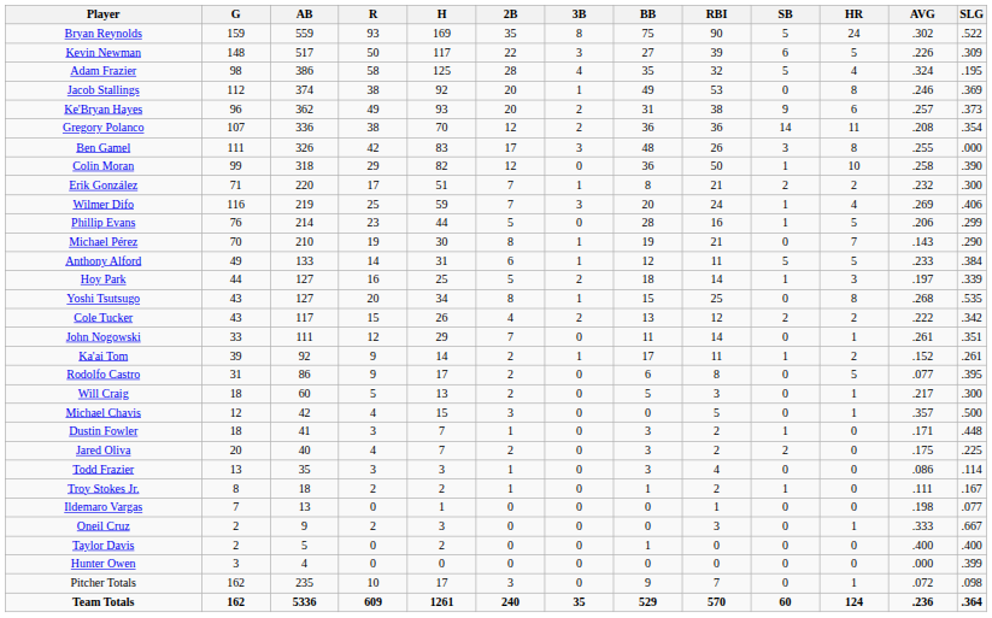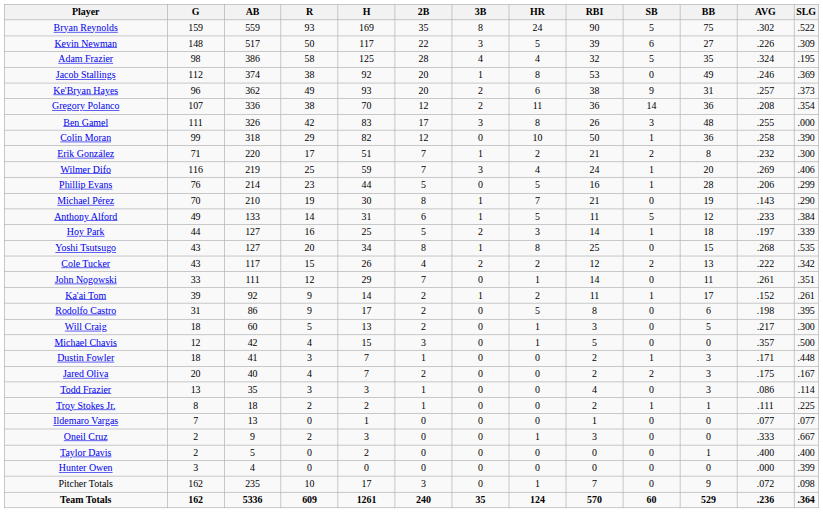 <table class=wikitable style="text-align:center">
 <tr>
 <th bgcolor=#DDDDFF; width="20%">Player</th>
 <th bgcolor=#DDDDFF; width="7%">G</th>
 <th bgcolor=#DDDDFF; width="7%">AB</th>
 <th bgcolor=#DDDDFF; width="7%">R</th>
 <th bgcolor=#DDDDFF; width="7%">H</th>
 <th bgcolor=#DDDDFF; width="7%">2B</th>
 <th bgcolor=#DDDDFF; width="7%">3B</th>
-<th bgcolor=#DDDDFF; width="7%">BB</th>
+<th bgcolor=#DDDDFF; width="7%'">HR</th>
 <th bgcolor=#DDDDFF; width="7%">RBI</th>
 <th bgcolor=#DDDDFF; width="7%">SB</th>
-<th bgcolor=#DDDDFF; width="7%'">HR</th>
+<th bgcolor=#DDDDFF; width="7%">BB</th>
 <th bgcolor=#DDDDFF; width="7%">AVG</th>
 <th bgcolor=#DDDDFF; width="7%">SLG</th>
 </tr>
 <tr>
 <td><a href='#'>Bryan Reynolds</a></td>
 <td>159</td>
 <td>559</td>
 <td>93</td>
 <td>169</td>
 <td>35</td>
 <td>8</td>
-<td>75</td>
+<td>24</td>
 <td>90</td>
 <td>5</td>
-<td>24</td>
+<td>75</td>
 <td>.302</td>
 <td>.522</td>
 </tr>
 <tr>
 <td><a href='#'>Kevin Newman</a></td>
 <td>148</td>
 <td>517</td>
 <td>50</td>
 <td>117</td>
 <td>22</td>
 <td>3</td>
-<td>27</td>
+<td>5</td>
 <td>39</td>
 <td>6</td>
-<td>5</td>
+<td>27</td>
 <td>.226</td>
 <td>.309</td>
 </tr>
 <tr>
 <td><a href='#'>Adam Frazier</a></td>
 <td>98</td>
 <td>386</td>
 <td>58</td>
 <td>125</td>
 <td>28</td>
 <td>4</td>
-<td>35</td>
+<td>4</td>
 <td>32</td>
 <td>5</td>
-<td>4</td>
+<td>35</td>
 <td>.324</td>
 <td>.195</td>
 </tr>
 <tr>
 <td><a href='#'>Jacob Stallings</a></td>
 <td>112</td>
 <td>374</td>
 <td>38</td>
 <td>92</td>
 <td>20</td>
 <td>1</td>
-<td>49</td>
+<td>8</td>
 <td>53</td>
 <td>0</td>
-<td>8</td>
+<td>49</td>
 <td>.246</td>
 <td>.369</td>
 </tr>
 <tr>
 <td><a href='#'>Ke'Bryan Hayes</a></td>
 <td>96</td>
 <td>362</td>
 <td>49</td>
 <td>93</td>
 <td>20</td>
 <td>2</td>
-<td>31</td>
+<td>6</td>
 <td>38</td>
 <td>9</td>
-<td>6</td>
+<td>31</td>
 <td>.257</td>
 <td>.373</td>
 </tr>
 <tr>
 <td><a href='#'>Gregory Polanco</a></td>
 <td>107</td>
 <td>336</td>
 <td>38</td>
 <td>70</td>
 <td>12</td>
 <td>2</td>
-<td>36</td>
+<td>11</td>
 <td>36</td>
 <td>14</td>
-<td>11</td>
+<td>36</td>
 <td>.208</td>
 <td>.354</td>
 </tr>
 <tr>
 <td><a href='#'>Ben Gamel</a></td>
 <td>111</td>
 <td>326</td>
 <td>42</td>
 <td>83</td>
 <td>17</td>
 <td>3</td>
-<td>48</td>
+<td>8</td>
 <td>26</td>
 <td>3</td>
-<td>8</td>
+<td>48</td>
 <td>.255</td>
 <td>.000</td>
 </tr>
 <tr>
 <td><a href='#'>Colin Moran</a></td>
 <td>99</td>
 <td>318</td>
 <td>29</td>
 <td>82</td>
 <td>12</td>
 <td>0</td>
-<td>36</td>
+<td>10</td>
 <td>50</td>
 <td>1</td>
-<td>10</td>
+<td>36</td>
 <td>.258</td>
 <td>.390</td>
 </tr>
 <tr>
 <td><a href='#'>Erik González</a></td>
 <td>71</td>
 <td>220</td>
 <td>17</td>
 <td>51</td>
 <td>7</td>
 <td>1</td>
-<td>8</td>
+<td>2</td>
 <td>21</td>
 <td>2</td>
-<td>2</td>
+<td>8</td>
 <td>.232</td>
 <td>.300</td>
 </tr>
 <tr>
 <td><a href='#'>Wilmer Difo</a></td>
 <td>116</td>
 <td>219</td>
 <td>25</td>
 <td>59</td>
 <td>7</td>
 <td>3</td>
-<td>20</td>
+<td>4</td>
 <td>24</td>
 <td>1</td>
-<td>4</td>
+<td>20</td>
 <td>.269</td>
 <td>.406</td>
 </tr>
 <tr>
 <td><a href='#'>Phillip Evans</a></td>
 <td>76</td>
 <td>214</td>
 <td>23</td>
 <td>44</td>
 <td>5</td>
 <td>0</td>
-<td>28</td>
+<td>5</td>
 <td>16</td>
 <td>1</td>
-<td>5</td>
+<td>28</td>
 <td>.206</td>
 <td>.299</td>
 </tr>
 <tr>
 <td><a href='#'>Michael Pérez</a></td>
 <td>70</td>
 <td>210</td>
 <td>19</td>
 <td>30</td>
 <td>8</td>
 <td>1</td>
-<td>19</td>
+<td>7</td>
 <td>21</td>
 <td>0</td>
-<td>7</td>
+<td>19</td>
 <td>.143</td>
 <td>.290</td>
 </tr>
 <tr>
 <td><a href='#'>Anthony Alford</a></td>
 <td>49</td>
 <td>133</td>
 <td>14</td>
 <td>31</td>
 <td>6</td>
 <td>1</td>
-<td>12</td>
+<td>5</td>
 <td>11</td>
 <td>5</td>
-<td>5</td>
+<td>12</td>
 <td>.233</td>
 <td>.384</td>
 </tr>
 <tr>
 <td><a href='#'>Hoy Park</a></td>
 <td>44</td>
 <td>127</td>
 <td>16</td>
 <td>25</td>
 <td>5</td>
 <td>2</td>
-<td>18</td>
+<td>3</td>
 <td>14</td>
 <td>1</td>
-<td>3</td>
+<td>18</td>
 <td>.197</td>
 <td>.339</td>
 </tr>
 <tr>
 <td><a href='#'>Yoshi Tsutsugo</a></td>
 <td>43</td>
 <td>127</td>
 <td>20</td>
 <td>34</td>
 <td>8</td>
 <td>1</td>
-<td>15</td>
+<td>8</td>
 <td>25</td>
 <td>0</td>
-<td>8</td>
+<td>15</td>
 <td>.268</td>
 <td>.535</td>
 </tr>
 <tr>
 <td><a href='#'>Cole Tucker</a></td>
 <td>43</td>
 <td>117</td>
 <td>15</td>
 <td>26</td>
 <td>4</td>
 <td>2</td>
-<td>13</td>
+<td>2</td>
 <td>12</td>
 <td>2</td>
-<td>2</td>
+<td>13</td>
 <td>.222</td>
 <td>.342</td>
 </tr>
 <tr>
 <td><a href='#'>John Nogowski</a></td>
 <td>33</td>
 <td>111</td>
 <td>12</td>
 <td>29</td>
 <td>7</td>
 <td>0</td>
-<td>11</td>
+<td>1</td>
 <td>14</td>
 <td>0</td>
-<td>1</td>
+<td>11</td>
 <td>.261</td>
 <td>.351</td>
 </tr>
 <tr>
 <td><a href='#'>Ka'ai Tom</a></td>
 <td>39</td>
 <td>92</td>
 <td>9</td>
 <td>14</td>
 <td>2</td>
 <td>1</td>
-<td>17</td>
+<td>2</td>
 <td>11</td>
 <td>1</td>
-<td>2</td>
+<td>17</td>
 <td>.152</td>
 <td>.261</td>
 </tr>
 <tr>
 <td><a href='#'>Rodolfo Castro</a></td>
 <td>31</td>
 <td>86</td>
 <td>9</td>
 <td>17</td>
 <td>2</td>
 <td>0</td>
-<td>6</td>
+<td>5</td>
 <td>8</td>
 <td>0</td>
-<td>5</td>
-<td>.077</td>
+<td>6</td>
+<td>.198</td>
 <td>.395</td>
 </tr>
 <tr>
 <td><a href='#'>Will Craig</a></td>
 <td>18</td>
 <td>60</td>
 <td>5</td>
 <td>13</td>
 <td>2</td>
 <td>0</td>
-<td>5</td>
+<td>1</td>
 <td>3</td>
 <td>0</td>
-<td>1</td>
+<td>5</td>
 <td>.217</td>
 <td>.300</td>
 </tr>
 <tr>
 <td><a href='#'>Michael Chavis</a></td>
 <td>12</td>
 <td>42</td>
 <td>4</td>
 <td>15</td>
 <td>3</td>
 <td>0</td>
-<td>0</td>
+<td>1</td>
 <td>5</td>
 <td>0</td>
-<td>1</td>
+<td>0</td>
 <td>.357</td>
 <td>.500</td>
 </tr>
 <tr>
 <td><a href='#'>Dustin Fowler</a></td>
 <td>18</td>
 <td>41</td>
 <td>3</td>
 <td>7</td>
 <td>1</td>
 <td>0</td>
-<td>3</td>
+<td>0</td>
 <td>2</td>
 <td>1</td>
-<td>0</td>
+<td>3</td>
 <td>.171</td>
 <td>.448</td>
 </tr>
 <tr>
 <td><a href='#'>Jared Oliva</a></td>
 <td>20</td>
 <td>40</td>
 <td>4</td>
 <td>7</td>
 <td>2</td>
 <td>0</td>
-<td>3</td>
+<td>0</td>
 <td>2</td>
 <td>2</td>
-<td>0</td>
+<td>3</td>
 <td>.175</td>
-<td>.225</td>
+<td>.167</td>
 </tr>
 <tr>
 <td><a href='#'>Todd Frazier</a></td>
 <td>13</td>
 <td>35</td>
 <td>3</td>
 <td>3</td>
 <td>1</td>
 <td>0</td>
-<td>3</td>
+<td>0</td>
 <td>4</td>
 <td>0</td>
-<td>0</td>
+<td>3</td>
 <td>.086</td>
 <td>.114</td>
 </tr>
 <tr>
 <td><a href='#'>Troy Stokes Jr.</a></td>
 <td>8</td>
 <td>18</td>
 <td>2</td>
 <td>2</td>
 <td>1</td>
 <td>0</td>
-<td>1</td>
+<td>0</td>
 <td>2</td>
 <td>1</td>
-<td>0</td>
+<td>1</td>
 <td>.111</td>
-<td>.167</td>
+<td>.225</td>
 </tr>
 <tr>
 <td><a href='#'>Ildemaro Vargas</a></td>
 <td>7</td>
 <td>13</td>
 <td>0</td>
 <td>1</td>
 <td>0</td>
 <td>0</td>
 <td>0</td>
 <td>1</td>
 <td>0</td>
 <td>0</td>
-<td>.198</td>
+<td>.077</td>
 <td>.077</td>
 </tr>
 <tr>
 <td><a href='#'>Oneil Cruz</a></td>
 <td>2</td>
 <td>9</td>
 <td>2</td>
 <td>3</td>
 <td>0</td>
 <td>0</td>
-<td>0</td>
+<td>1</td>
 <td>3</td>
 <td>0</td>
-<td>1</td>
+<td>0</td>
 <td>.333</td>
 <td>.667</td>
 </tr>
 <tr>
 <td><a href='#'>Taylor Davis</a></td>
 <td>2</td>
 <td>5</td>
 <td>0</td>
 <td>2</td>
 <td>0</td>
 <td>0</td>
-<td>1</td>
 <td>0</td>
 <td>0</td>
 <td>0</td>
+<td>1</td>
 <td>.400</td>
 <td>.400</td>
 </tr>
 <tr>
 <td><a href='#'>Hunter Owen</a></td>
 <td>3</td>
 <td>4</td>
 <td>0</td>
 <td>0</td>
 <td>0</td>
 <td>0</td>
 <td>0</td>
 <td>0</td>
 <td>0</td>
 <td>0</td>
 <td>.000</td>
 <td>.399</td>
 </tr>
 <tr>
 <td>Pitcher Totals</td>
 <td>162</td>
 <td>235</td>
 <td>10</td>
 <td>17</td>
 <td>3</td>
 <td>0</td>
-<td>9</td>
+<td>1</td>
 <td>7</td>
 <td>0</td>
-<td>1</td>
+<td>9</td>
 <td>.072</td>
 <td>.098</td>
 </tr>
 <tr>
 <td><strong>Team Totals</strong></td>
 <td><strong>162</strong></td>
 <td><strong>5336</strong></td>
 <td><strong>609</strong></td>
 <td><strong>1261</strong></td>
 <td><strong>240</strong></td>
 <td><strong>35</strong></td>
-<td><strong>529</strong></td>
+<td><strong>124</strong></td>
 <td><strong>570</strong></td>
 <td><strong>60</strong></td>
-<td><strong>124</strong></td>
+<td><strong>529</strong></td>
 <td><strong>.236</strong></td>
 <td><strong>.364</strong></td>
 </tr>
 </table>
